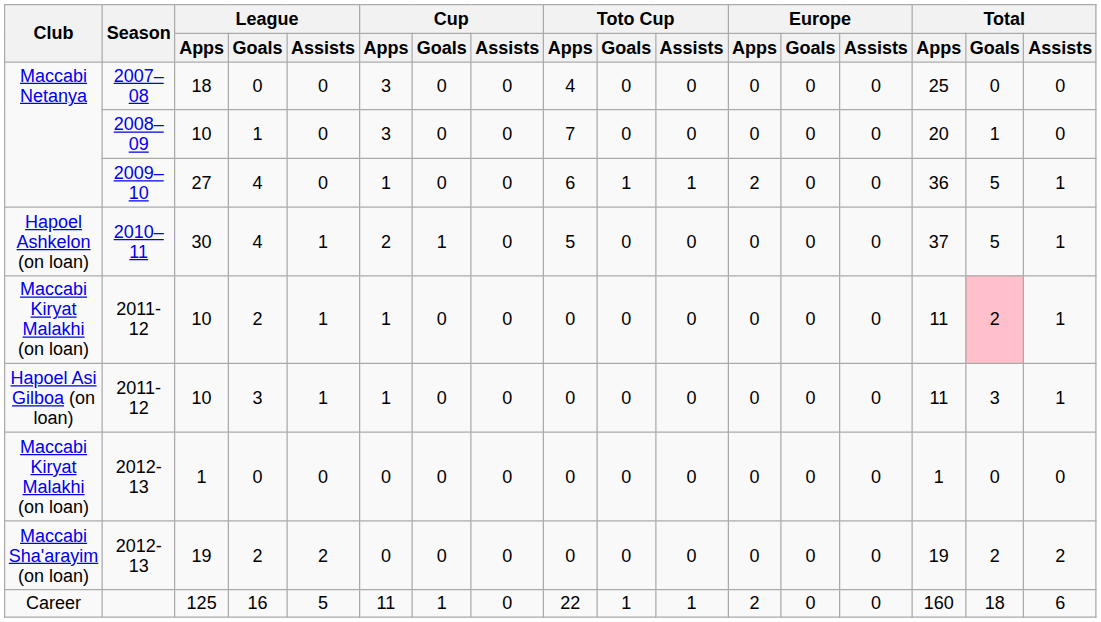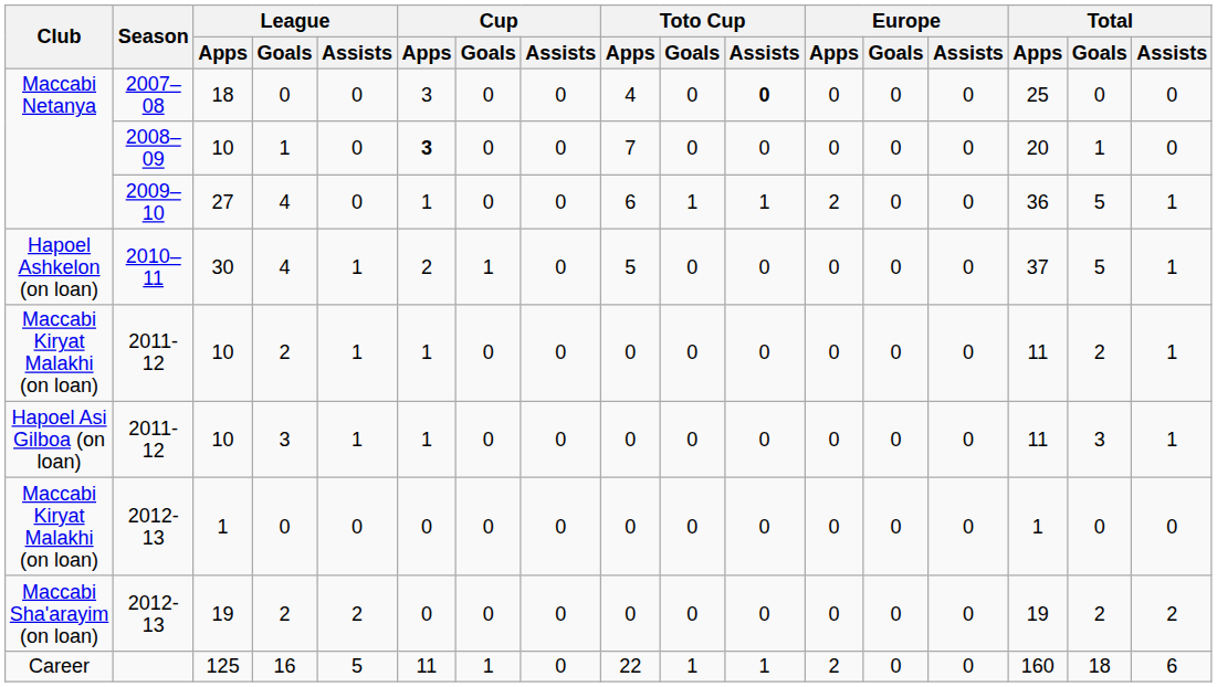 <table class="wikitable" style="font-size:90%; text-align: center;">
 <tr>
 <th rowspan="2">Club</th>
 <th rowspan="2">Season</th>
 <th colspan="3">League</th>
 <th colspan="3">Cup</th>
 <th colspan="3">Toto Cup</th>
 <th colspan="3">Europe</th>
 <th colspan="3">Total</th>
 </tr>
 <tr>
 <th>Apps</th>
 <th>Goals</th>
 <th>Assists</th>
 <th>Apps</th>
 <th>Goals</th>
 <th>Assists</th>
 <th>Apps</th>
 <th>Goals</th>
 <th>Assists</th>
 <th>Apps</th>
 <th>Goals</th>
 <th>Assists</th>
 <th>Apps</th>
 <th>Goals</th>
 <th>Assists</th>
 </tr>
 <tr |-||-||-|>
 <td rowspan="3" valign="top"><a href='#'>Maccabi Netanya</a></td>
 <td><a href='#'>2007–08</a></td>
 <td>18</td>
 <td>0</td>
 <td>0</td>
 <td>3</td>
 <td>0</td>
 <td>0</td>
 <td>4</td>
 <td>0</td>
-<td>0</td>
+<td><strong>0</strong></td>
 <td>0</td>
 <td>0</td>
 <td>0</td>
 <td>25</td>
 <td>0</td>
 <td>0</td>
 </tr>
 <tr>
 <td><a href='#'>2008–09</a></td>
 <td>10</td>
 <td>1</td>
 <td>0</td>
-<td>3</td>
+<td><strong>3</strong></td>
 <td>0</td>
 <td>0</td>
 <td>7</td>
 <td>0</td>
 <td>0</td>
 <td>0</td>
 <td>0</td>
 <td>0</td>
 <td>20</td>
 <td>1</td>
 <td>0</td>
 </tr>
 <tr>
 <td><a href='#'>2009–10</a></td>
 <td>27</td>
 <td>4</td>
 <td>0</td>
 <td>1</td>
 <td>0</td>
 <td>0</td>
 <td>6</td>
 <td>1</td>
 <td>1</td>
 <td>2</td>
 <td>0</td>
 <td>0</td>
 <td>36</td>
 <td>5</td>
 <td>1</td>
 </tr>
 <tr>
 <td rowspan="1" valign="top"><a href='#'>Hapoel Ashkelon</a> (on loan)</td>
 <td><a href='#'>2010–11</a></td>
 <td>30</td>
 <td>4</td>
 <td>1</td>
 <td>2</td>
 <td>1</td>
 <td>0</td>
 <td>5</td>
 <td>0</td>
 <td>0</td>
 <td>0</td>
 <td>0</td>
 <td>0</td>
 <td>37</td>
 <td>5</td>
 <td>1</td>
 </tr>
 <tr>
 <td rowspan="1" valign="top"><a href='#'>Maccabi Kiryat Malakhi</a> (on loan)</td>
 <td>2011-12</td>
 <td>10</td>
 <td>2</td>
 <td>1</td>
 <td>1</td>
 <td>0</td>
 <td>0</td>
 <td>0</td>
 <td>0</td>
 <td>0</td>
 <td>0</td>
 <td>0</td>
 <td>0</td>
 <td>11</td>
-<td style="background: pink;">2</td>
+<td>2</td>
 <td>1</td>
 </tr>
 <tr>
 <td rowspan="1" valign="top"><a href='#'>Hapoel Asi Gilboa</a> (on loan)</td>
 <td>2011-12</td>
 <td>10</td>
 <td>3</td>
 <td>1</td>
 <td>1</td>
 <td>0</td>
 <td>0</td>
 <td>0</td>
 <td>0</td>
 <td>0</td>
 <td>0</td>
 <td>0</td>
 <td>0</td>
 <td>11</td>
 <td>3</td>
 <td>1</td>
 </tr>
 <tr>
 <td rowspan="1" valign="top"><a href='#'>Maccabi Kiryat Malakhi</a> (on loan)</td>
 <td>2012-13</td>
 <td>1</td>
 <td>0</td>
 <td>0</td>
 <td>0</td>
 <td>0</td>
 <td>0</td>
 <td>0</td>
 <td>0</td>
 <td>0</td>
 <td>0</td>
 <td>0</td>
 <td>0</td>
 <td>1</td>
 <td>0</td>
 <td>0</td>
 </tr>
 <tr>
 <td rowspan="1" valign="top"><a href='#'>Maccabi Sha'arayim</a> (on loan)</td>
 <td>2012-13</td>
 <td>19</td>
 <td>2</td>
 <td>2</td>
 <td>0</td>
 <td>0</td>
 <td>0</td>
 <td>0</td>
 <td>0</td>
 <td>0</td>
 <td>0</td>
 <td>0</td>
 <td>0</td>
 <td>19</td>
 <td>2</td>
 <td>2</td>
 </tr>
 <tr>
 <td rowspan="1" valign="top">Career</td>
 <td></td>
 <td>125</td>
 <td>16</td>
 <td>5</td>
 <td>11</td>
 <td>1</td>
 <td>0</td>
 <td>22</td>
 <td>1</td>
 <td>1</td>
 <td>2</td>
 <td>0</td>
 <td>0</td>
 <td>160</td>
 <td>18</td>
 <td>6</td>
 </tr>
 </table>
